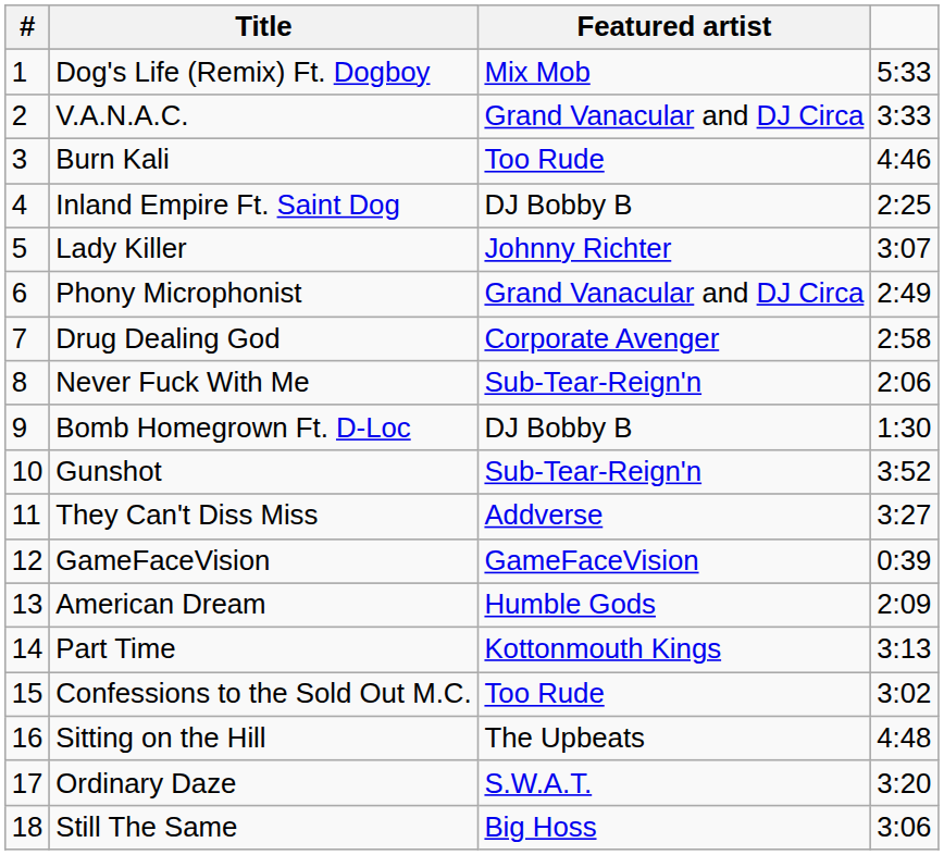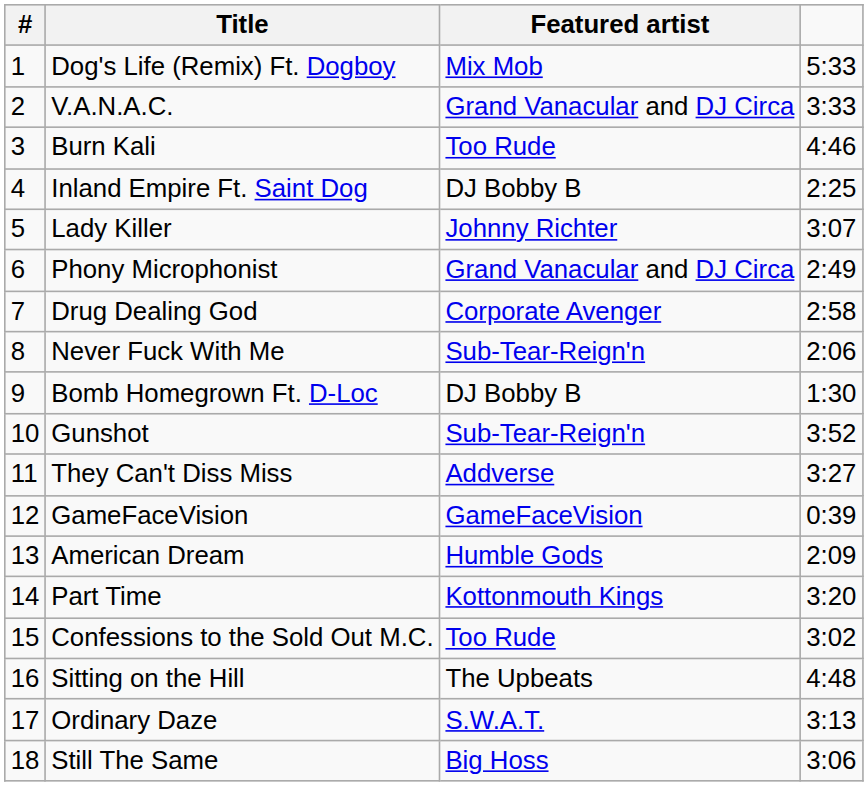 <table class="wikitable">
 <tr>
 <th>#</th>
 <th>Title</th>
 <th>Featured artist</th>
 </tr>
 <tr>
 <td>1</td>
 <td>Dog's Life (Remix) Ft. <a href='#'>Dogboy</a></td>
 <td><a href='#'>Mix Mob</a></td>
 <td>5:33</td>
 </tr>
 <tr>
 <td>2</td>
 <td>V.A.N.A.C.</td>
 <td><a href='#'>Grand Vanacular</a> and <a href='#'>DJ Circa</a></td>
 <td>3:33</td>
 </tr>
 <tr>
 <td>3</td>
 <td>Burn Kali</td>
 <td><a href='#'>Too Rude</a></td>
 <td>4:46</td>
 </tr>
 <tr>
 <td>4</td>
 <td>Inland Empire Ft. <a href='#'>Saint Dog</a></td>
 <td>DJ Bobby B</td>
 <td>2:25</td>
 </tr>
 <tr>
 <td>5</td>
 <td>Lady Killer</td>
 <td><a href='#'>Johnny Richter</a></td>
 <td>3:07</td>
 </tr>
 <tr>
 <td>6</td>
 <td>Phony Microphonist</td>
 <td><a href='#'>Grand Vanacular</a> and <a href='#'>DJ Circa</a></td>
 <td>2:49</td>
 </tr>
 <tr>
 <td>7</td>
 <td>Drug Dealing God</td>
 <td><a href='#'>Corporate Avenger</a></td>
 <td>2:58</td>
 </tr>
 <tr>
 <td>8</td>
 <td>Never Fuck With Me</td>
 <td><a href='#'>Sub-Tear-Reign'n</a></td>
 <td>2:06</td>
 </tr>
 <tr>
 <td>9</td>
 <td>Bomb Homegrown Ft. <a href='#'>D-Loc</a></td>
 <td>DJ Bobby B</td>
 <td>1:30</td>
 </tr>
 <tr>
 <td>10</td>
 <td>Gunshot</td>
 <td><a href='#'>Sub-Tear-Reign'n</a></td>
 <td>3:52</td>
 </tr>
 <tr>
 <td>11</td>
 <td>They Can't Diss Miss</td>
 <td><a href='#'>Addverse</a></td>
 <td>3:27</td>
 </tr>
 <tr>
 <td>12</td>
 <td>GameFaceVision</td>
 <td><a href='#'>GameFaceVision</a></td>
 <td>0:39</td>
 </tr>
 <tr>
 <td>13</td>
 <td>American Dream</td>
 <td><a href='#'>Humble Gods</a></td>
 <td>2:09</td>
 </tr>
 <tr>
 <td>14</td>
 <td>Part Time</td>
 <td><a href='#'>Kottonmouth Kings</a></td>
-<td>3:13</td>
+<td>3:20</td>
 </tr>
 <tr>
 <td>15</td>
 <td>Confessions to the Sold Out M.C.</td>
 <td><a href='#'>Too Rude</a></td>
 <td>3:02</td>
 </tr>
 <tr>
 <td>16</td>
 <td>Sitting on the Hill</td>
 <td>The Upbeats</td>
 <td>4:48</td>
 </tr>
 <tr>
 <td>17</td>
 <td>Ordinary Daze</td>
 <td><a href='#'>S.W.A.T.</a></td>
-<td>3:20</td>
+<td>3:13</td>
 </tr>
 <tr>
 <td>18</td>
 <td>Still The Same</td>
 <td><a href='#'>Big Hoss</a></td>
 <td>3:06</td>
 </tr>
 </table>
